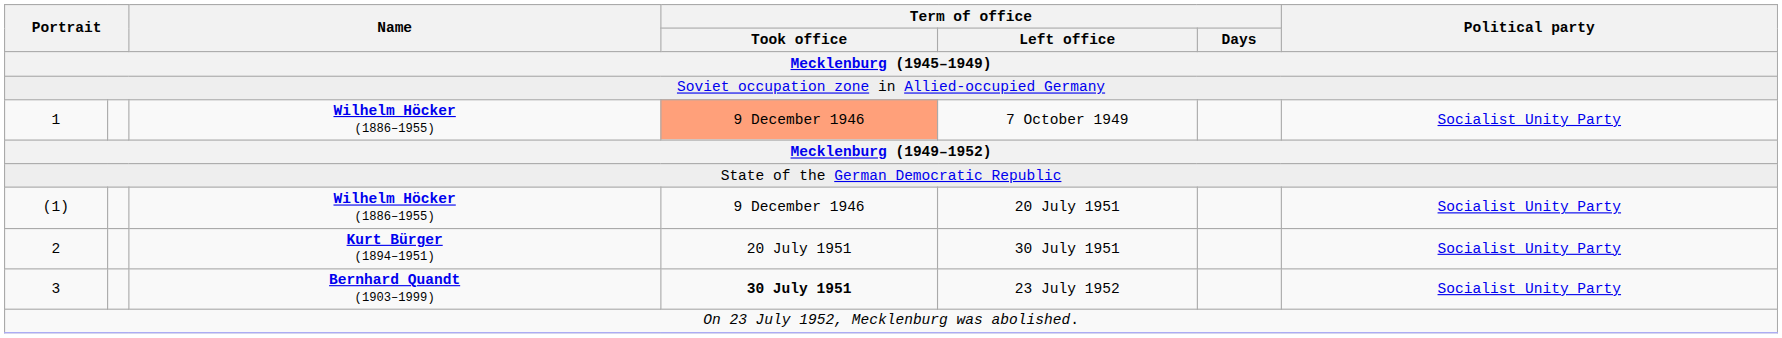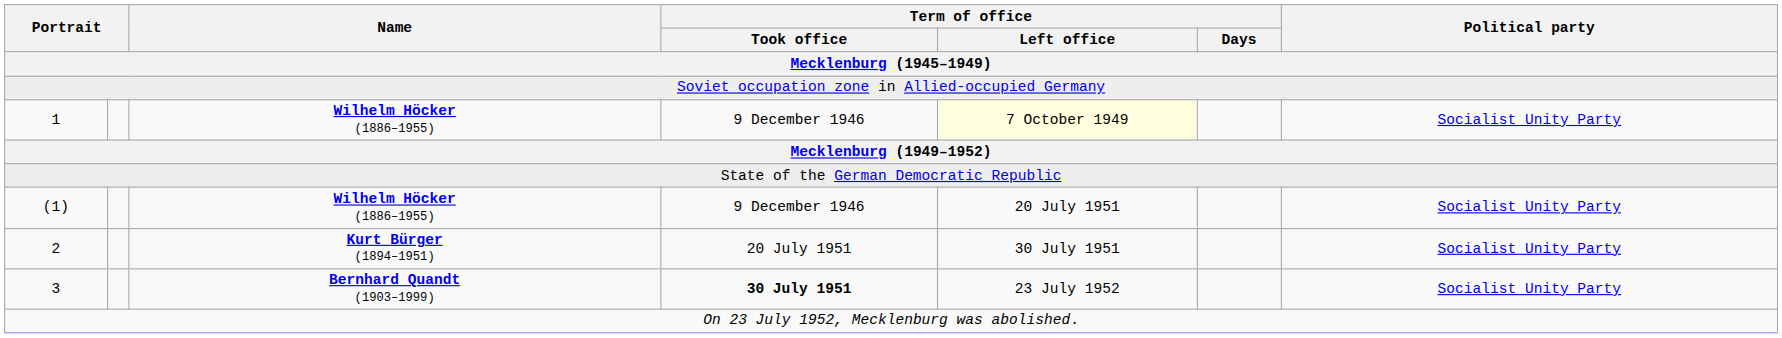 <table class="wikitable" style="text-align:center; width:100%; border:1px #AAAAFF solid">
 <tr>
 <th width=80px rowspan=2 colspan=2>Portrait</th>
 <th width=30% rowspan=2>Name<br></th>
 <th width=35% colspan=3>Term of office</th>
 <th width=28% rowspan=2>Political party</th>
 </tr>
 <tr>
 <th>Took office</th>
 <th>Left office</th>
 <th>Days</th>
 </tr>
 <tr>
 <th colspan="7"><a href='#'>Mecklenburg</a> (1945–1949)</th>
 </tr>
 <tr>
 <td bgcolor=#EEEEEE colspan=8><a href='#'>Soviet occupation zone</a> in <a href='#'>Allied-occupied Germany</a></td>
 </tr>
 <tr>
 <td style="background:">1</td>
 <td></td>
 <td><strong><a href='#'>Wilhelm Höcker</a></strong><br><small>(1886–1955)</small></td>
-<td style="background: lightsalmon;">9 December 1946</td>
-<td>7 October 1949</td>
+<td>9 December 1946</td>
+<td style="background: lightyellow;">7 October 1949</td>
 <td></td>
 <td><a href='#'>Socialist Unity Party</a></td>
 </tr>
 <tr>
 <th colspan="7"><a href='#'>Mecklenburg</a> (1949–1952)</th>
 </tr>
 <tr>
 <td bgcolor=#EEEEEE colspan=8>State of the <a href='#'>German Democratic Republic</a></td>
 </tr>
 <tr>
 <td style="background:">(1)</td>
 <td></td>
 <td><strong><a href='#'>Wilhelm Höcker</a></strong><br><small>(1886–1955)</small></td>
 <td>9 December 1946</td>
 <td>20 July 1951</td>
 <td></td>
 <td><a href='#'>Socialist Unity Party</a></td>
 </tr>
 <tr>
 <td style="background:">2</td>
 <td></td>
 <td><strong><a href='#'>Kurt Bürger</a></strong><br><small>(1894–1951)</small></td>
 <td>20 July 1951</td>
 <td>30 July 1951</td>
 <td></td>
 <td><a href='#'>Socialist Unity Party</a></td>
 </tr>
 <tr>
 <td style="background:">3</td>
 <td></td>
 <td><strong><a href='#'>Bernhard Quandt</a></strong><br><small>(1903–1999)</small></td>
 <td><strong>30 July 1951</strong></td>
 <td>23 July 1952</td>
 <td></td>
 <td><a href='#'>Socialist Unity Party</a></td>
 </tr>
 <tr>
 <td colspan="7"><em>On 23 July 1952, Mecklenburg was abolished</em>.</td>
 </tr>
 <tr>
 </tr>
 </table>
